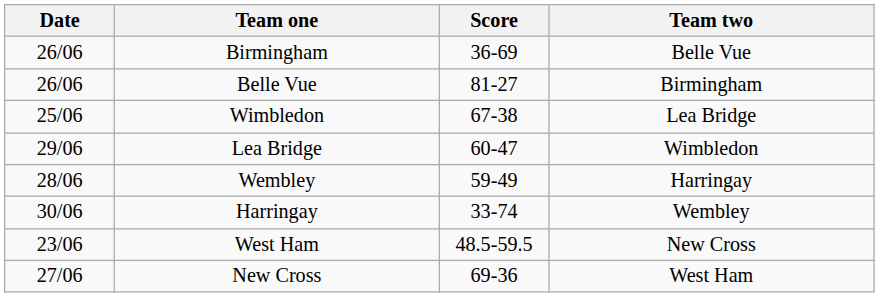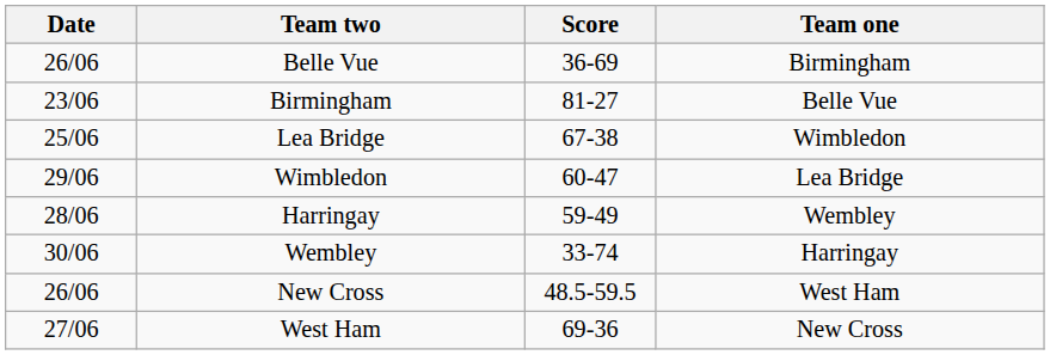 <table class="wikitable" style="text-align: center">
 <tr>
 <th width=80>Date</th>
+<th width=250>Team two</th>
+<th width=80>Score</th>
 <th width=250>Team one</th>
-<th width=80>Score</th>
-<th width=250>Team two</th>
-</tr>
-<tr>
-<td>26/06</td>
-<td>Birmingham</td>
-<td>36-69</td>
-<td>Belle Vue</td>
 </tr>
 <tr>
 <td>26/06</td>
 <td>Belle Vue</td>
-<td>81-27</td>
+<td>36-69</td>
 <td>Birmingham</td>
 </tr>
 <tr>
+<td>23/06</td>
+<td>Birmingham</td>
+<td>81-27</td>
+<td>Belle Vue</td>
+</tr>
+<tr>
 <td>25/06</td>
+<td>Lea Bridge</td>
+<td>67-38</td>
 <td>Wimbledon</td>
-<td>67-38</td>
+</tr>
+<tr>
+<td>29/06</td>
+<td>Wimbledon</td>
+<td>60-47</td>
 <td>Lea Bridge</td>
 </tr>
 <tr>
-<td>29/06</td>
-<td>Lea Bridge</td>
-<td>60-47</td>
-<td>Wimbledon</td>
+<td>28/06</td>
+<td>Harringay</td>
+<td>59-49</td>
+<td>Wembley</td>
 </tr>
 <tr>
-<td>28/06</td>
+<td>30/06</td>
 <td>Wembley</td>
-<td>59-49</td>
+<td>33-74</td>
 <td>Harringay</td>
 </tr>
 <tr>
-<td>30/06</td>
-<td>Harringay</td>
-<td>33-74</td>
-<td>Wembley</td>
-</tr>
-<tr>
-<td>23/06</td>
+<td>26/06</td>
+<td>New Cross</td>
+<td>48.5-59.5</td>
 <td>West Ham</td>
-<td>48.5-59.5</td>
-<td>New Cross</td>
 </tr>
 <tr>
 <td>27/06</td>
+<td>West Ham</td>
+<td>69-36</td>
 <td>New Cross</td>
-<td>69-36</td>
-<td>West Ham</td>
 </tr>
 </table>
